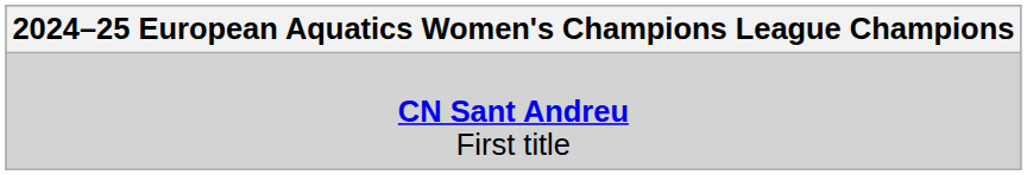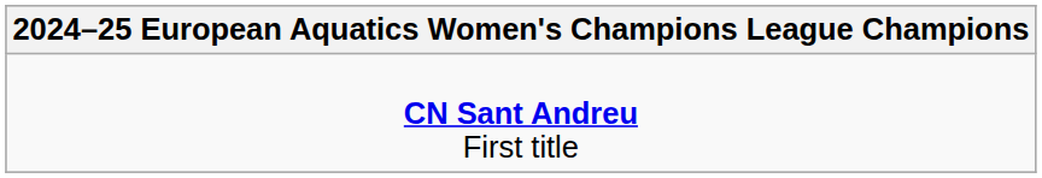 <table class=wikitable style="text-align:center; margin:auto">
 <tr>
 <th>2024–25 European Aquatics Women's Champions League Champions</th>
 </tr>
 <tr>
-<td style="background: lightgrey;"> <br><strong><a href='#'>CN Sant Andreu</a> </strong><br>First title</td>
+<td> <br><strong><a href='#'>CN Sant Andreu</a> </strong><br>First title</td>
 </tr>
 </table>
